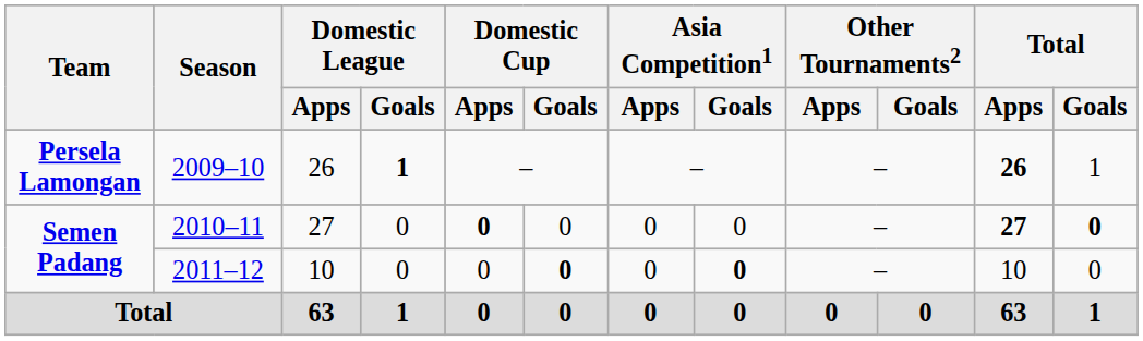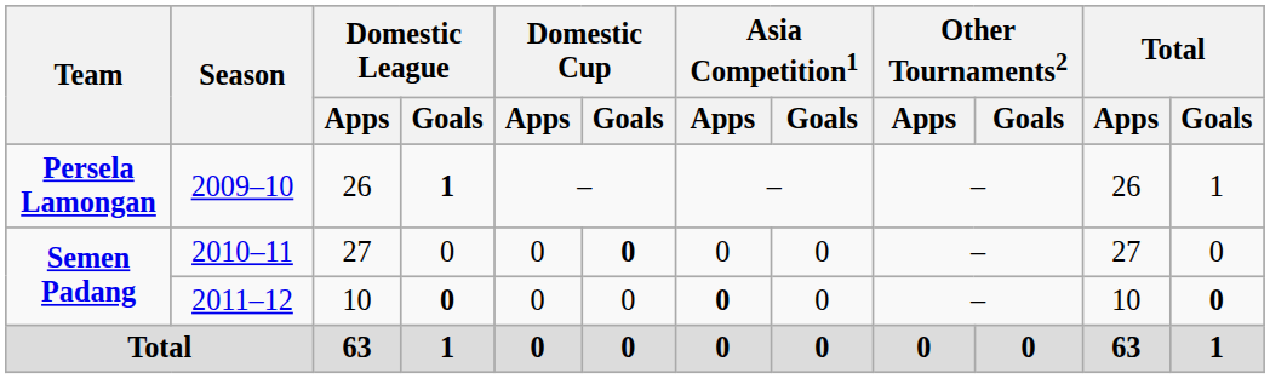 <table class="wikitable" style=font-size:90% text-align: center width=70%>
 <tr>
 <th rowspan=2 width=10%><strong>Team</strong></th>
 <th rowspan=2 width=10%><strong>Season</strong></th>
 <th colspan=2 width=10%>Domestic<br>League</th>
 <th colspan=2 width=10%>Domestic<br>Cup</th>
 <th colspan=2 width=10%>Asia<br>Competition<sup>1</sup></th>
 <th colspan=2 width=10%>Other<br>Tournaments<sup>2</sup></th>
 <th colspan=2 width=10%>Total</th>
 </tr>
 <tr>
 <th align=center><strong>Apps</strong></th>
 <th align=center><strong>Goals</strong></th>
 <th align=center><strong>Apps</strong></th>
 <th align=center><strong>Goals</strong></th>
 <th align=center><strong>Apps</strong></th>
 <th align=center><strong>Goals</strong></th>
 <th align=center><strong>Apps</strong></th>
 <th align=center><strong>Goals</strong></th>
 <th align=center><strong>Apps</strong></th>
 <th align=center><strong>Goals</strong></th>
 </tr>
 <tr>
 <td align=center><strong><a href='#'>Persela Lamongan</a></strong></td>
 <td align=center><a href='#'>2009–10</a></td>
 <td align=center>26</td>
 <td align=center><strong>1</strong></td>
 <td colspan="2" align=center>–</td>
 <td colspan="2" align=center>–</td>
 <td colspan="2" align=center>–</td>
-<td align=center><strong>26</strong></td>
+<td align=center>26</td>
 <td align=center>1</td>
 </tr>
 <tr>
 <td rowspan="2" align=center><strong><a href='#'>Semen Padang</a></strong></td>
 <td align=center><a href='#'>2010–11</a></td>
 <td align=center>27</td>
 <td align=center>0</td>
+<td align=center>0</td>
 <td align=center><strong>0</strong></td>
 <td align=center>0</td>
 <td align=center>0</td>
+<td colspan="2" align=center>–</td>
+<td align=center>27</td>
 <td align=center>0</td>
-<td colspan="2" align=center>–</td>
-<td align=center><strong>27</strong></td>
-<td align=center><strong>0</strong></td>
 </tr>
 <tr>
 <td align=center><a href='#'>2011–12</a></td>
 <td align=center>10</td>
+<td align=center><strong>0</strong></td>
 <td align=center>0</td>
 <td align=center>0</td>
 <td align=center><strong>0</strong></td>
 <td align=center>0</td>
-<td align=center><strong>0</strong></td>
 <td colspan="2" align=center>–</td>
 <td align=center>10</td>
-<td align=center>0</td>
+<td align=center><strong>0</strong></td>
 </tr>
 <tr>
 <th style="background: #DCDCDC" colspan=2>Total</th>
 <th style="background: #DCDCDC" align=center><strong>63</strong></th>
 <th style="background: #DCDCDC" align=center><strong>1</strong></th>
 <th style="background: #DCDCDC" align=center><strong>0</strong></th>
 <th style="background: #DCDCDC" align=center><strong>0</strong></th>
 <th style="background: #DCDCDC" align=center><strong>0</strong></th>
 <th style="background: #DCDCDC" align=center><strong>0</strong></th>
 <th style="background: #DCDCDC" align=center><strong>0</strong></th>
 <th style="background: #DCDCDC" align=center><strong>0</strong></th>
 <th style="background: #DCDCDC" align=center><strong>63</strong></th>
 <th style="background: #DCDCDC" align=center><strong>1</strong></th>
 </tr>
 </table>
